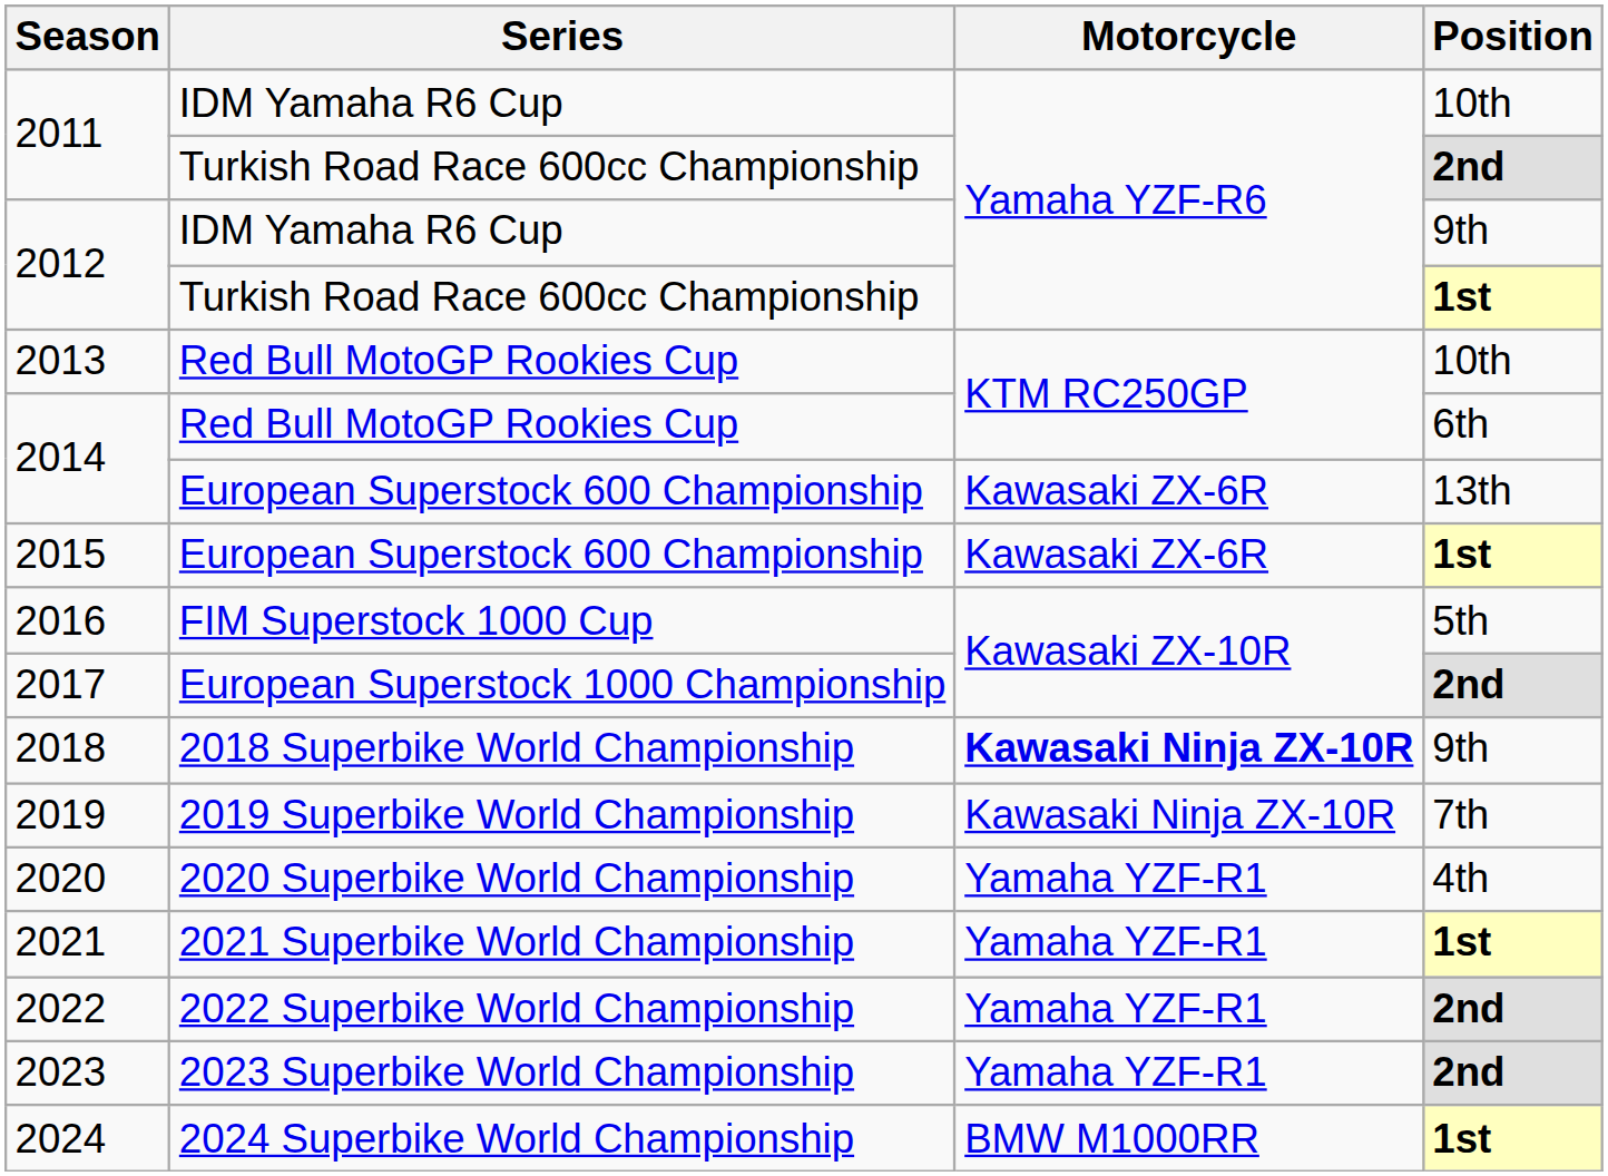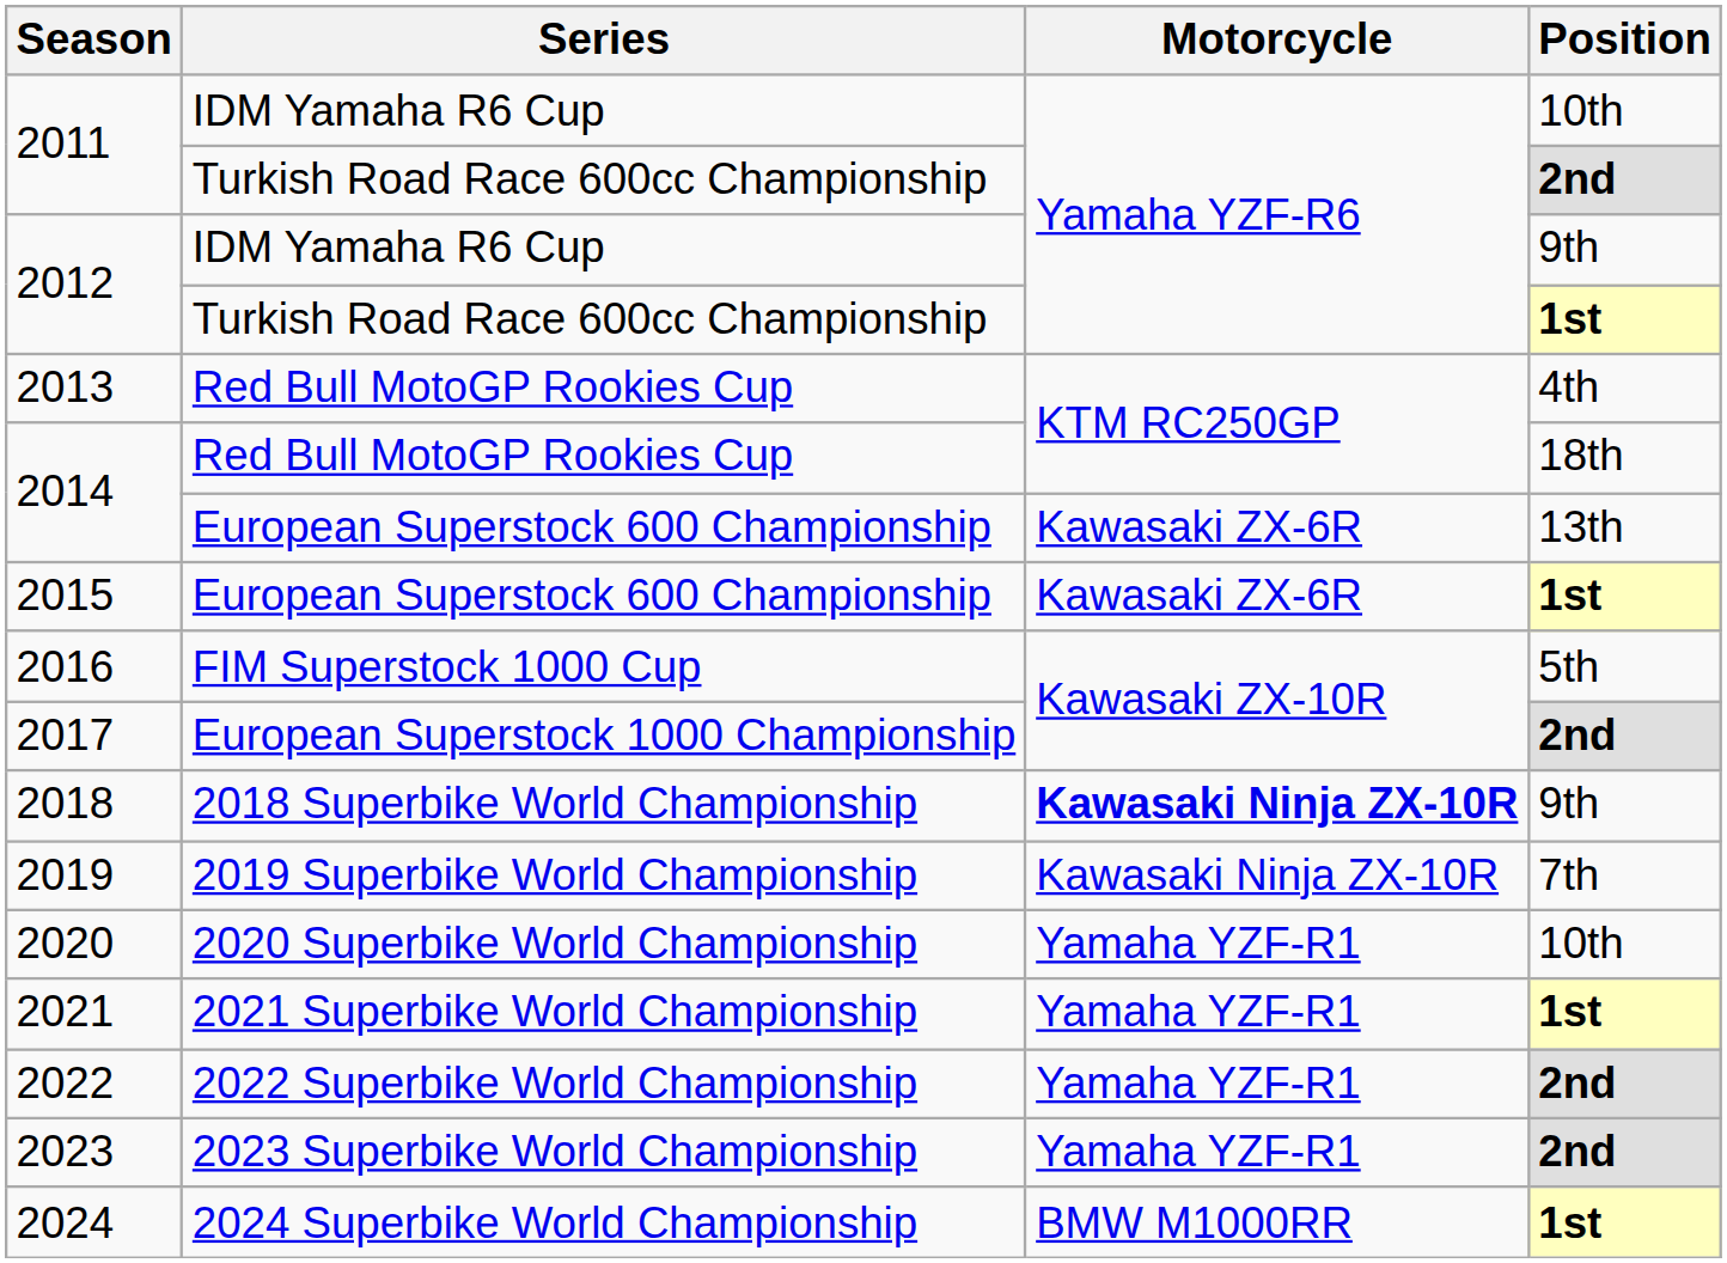 <table class=wikitable>
 <tr>
 <th>Season</th>
 <th>Series</th>
 <th>Motorcycle</th>
 <th>Position</th>
 </tr>
 <tr>
 <td rowspan=2>2011</td>
 <td>IDM Yamaha R6 Cup</td>
 <td rowspan=4><a href='#'>Yamaha YZF-R6</a></td>
 <td>10th</td>
 </tr>
 <tr>
 <td>Turkish Road Race 600cc Championship</td>
 <td style="background:#dfdfdf;"><strong>2nd</strong></td>
 </tr>
 <tr>
 <td rowspan=2>2012</td>
 <td>IDM Yamaha R6 Cup</td>
 <td>9th</td>
 </tr>
 <tr>
 <td>Turkish Road Race 600cc Championship</td>
 <td style="background:#ffffbf;"><strong>1st</strong></td>
 </tr>
 <tr>
 <td>2013</td>
 <td><a href='#'>Red Bull MotoGP Rookies Cup</a></td>
 <td rowspan=2><a href='#'>KTM RC250GP</a></td>
-<td>10th</td>
+<td>4th</td>
 </tr>
 <tr>
 <td rowspan=2>2014</td>
 <td><a href='#'>Red Bull MotoGP Rookies Cup</a></td>
-<td>6th</td>
+<td>18th</td>
 </tr>
 <tr>
 <td><a href='#'>European Superstock 600 Championship</a></td>
 <td><a href='#'>Kawasaki ZX-6R</a></td>
 <td style="background:#;">13th</td>
 </tr>
 <tr>
 <td>2015</td>
 <td><a href='#'>European Superstock 600 Championship</a></td>
 <td><a href='#'>Kawasaki ZX-6R</a></td>
 <td style="background:#ffffbf;"><strong>1st</strong></td>
 </tr>
 <tr>
 <td>2016</td>
 <td><a href='#'>FIM Superstock 1000 Cup</a></td>
 <td rowspan=2><a href='#'>Kawasaki ZX-10R</a></td>
 <td>5th</td>
 </tr>
 <tr>
 <td>2017</td>
 <td><a href='#'>European Superstock 1000 Championship</a></td>
 <td style="background:#dfdfdf;"><strong>2nd</strong></td>
 </tr>
 <tr>
 <td>2018</td>
 <td><a href='#'>2018 Superbike World Championship</a></td>
 <td><strong><a href='#'>Kawasaki Ninja ZX-10R</a></strong></td>
 <td>9th</td>
 </tr>
 <tr>
 <td>2019</td>
 <td><a href='#'>2019 Superbike World Championship</a></td>
 <td><a href='#'>Kawasaki Ninja ZX-10R</a></td>
 <td>7th</td>
 </tr>
 <tr>
 <td>2020</td>
 <td><a href='#'>2020 Superbike World Championship</a></td>
 <td><a href='#'>Yamaha YZF-R1</a></td>
-<td>4th</td>
+<td>10th</td>
 </tr>
 <tr>
 <td>2021</td>
 <td><a href='#'>2021 Superbike World Championship</a></td>
 <td><a href='#'>Yamaha YZF-R1</a></td>
 <td style="background:#ffffbf;"><strong>1st</strong></td>
 </tr>
 <tr>
 <td>2022</td>
 <td><a href='#'>2022 Superbike World Championship</a></td>
 <td><a href='#'>Yamaha YZF-R1</a></td>
 <td style="background:#dfdfdf;"><strong>2nd</strong></td>
 </tr>
 <tr>
 <td>2023</td>
 <td><a href='#'>2023 Superbike World Championship</a></td>
 <td><a href='#'>Yamaha YZF-R1</a></td>
 <td style="background:#dfdfdf;"><strong>2nd</strong></td>
 </tr>
 <tr>
 <td>2024</td>
 <td><a href='#'>2024 Superbike World Championship</a></td>
 <td><a href='#'>BMW M1000RR</a></td>
 <td style="background:#ffffbf;"><strong>1st</strong></td>
 </tr>
 </table>
